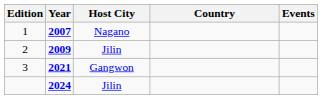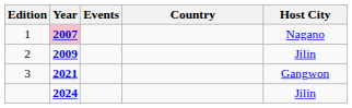 <table class="wikitable" style="text-align:center">
 <tr>
 <th width=30>Edition</th>
 <th width=30>Year</th>
+<th width=30>Events</th>
+<th width=175>Country</th>
 <th width=100>Host City</th>
-<th width=175>Country</th>
-<th width=30>Events</th>
 </tr>
 <tr>
 <td>1</td>
-<td><strong><a href='#'>2007</a></strong></td>
+<td style="background: pink;"><strong><a href='#'>2007</a></strong></td>
+<td></td>
+<td align="left"></td>
 <td><a href='#'>Nagano</a></td>
-<td align="left"></td>
-<td></td>
 </tr>
 <tr>
 <td>2</td>
 <td><strong><a href='#'>2009</a></strong></td>
+<td></td>
+<td align="left"></td>
 <td><a href='#'>Jilin</a></td>
-<td align="left"></td>
-<td></td>
 </tr>
 <tr>
 <td>3</td>
 <td><strong><a href='#'>2021</a></strong></td>
+<td></td>
+<td align="left"></td>
 <td><a href='#'>Gangwon</a></td>
-<td align="left"></td>
-<td></td>
 </tr>
 <tr>
 <td></td>
 <td><strong><a href='#'>2024</a></strong></td>
+<td></td>
+<td align="left"></td>
 <td><a href='#'>Jilin</a></td>
-<td align="left"></td>
-<td></td>
 </tr>
 </table>
